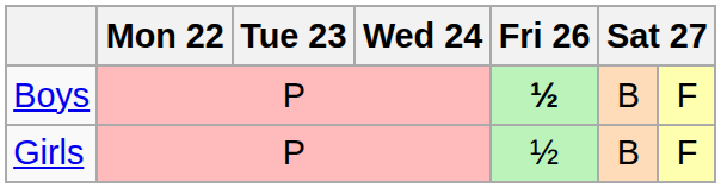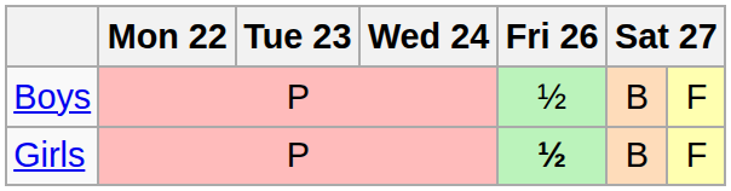 <table class="wikitable" style="margin:0.5em auto; font-size:90%; line-height:1.25em; text-align:center">
 <tr>
 <th></th>
 <th>Mon 22</th>
 <th>Tue 23</th>
 <th>Wed 24</th>
 <th>Fri 26</th>
 <th colspan="2">Sat 27</th>
 </tr>
 <tr>
 <td align="left"><a href='#'>Boys</a></td>
 <td bgcolor="#FFBBBB" colspan="3">P</td>
-<td bgcolor="#BBF3BB"><strong>½</strong></td>
+<td bgcolor="#BBF3BB">½</td>
 <td bgcolor="#FEDCBA">B</td>
 <td bgcolor="#FFFFB">F</td>
 </tr>
 <tr>
 <td align="left"><a href='#'>Girls</a></td>
 <td bgcolor="#FFBBBB" colspan="3">P</td>
-<td bgcolor="#BBF3BB">½</td>
+<td bgcolor="#BBF3BB"><strong>½</strong></td>
 <td bgcolor="#FEDCBA">B</td>
 <td bgcolor="#FFFFB">F</td>
 </tr>
 </table>
